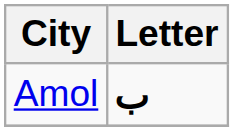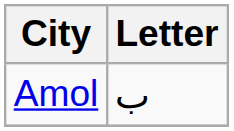 <table class="wikitable">
 <tr>
 <th>City</th>
 <th>Letter</th>
 </tr>
 <tr>
 <td><a href='#'>Amol</a></td>
-<td><strong>ب</strong></td>
+<td>ب</td>
 </tr>
 <tr>
 </tr>
 </table>
